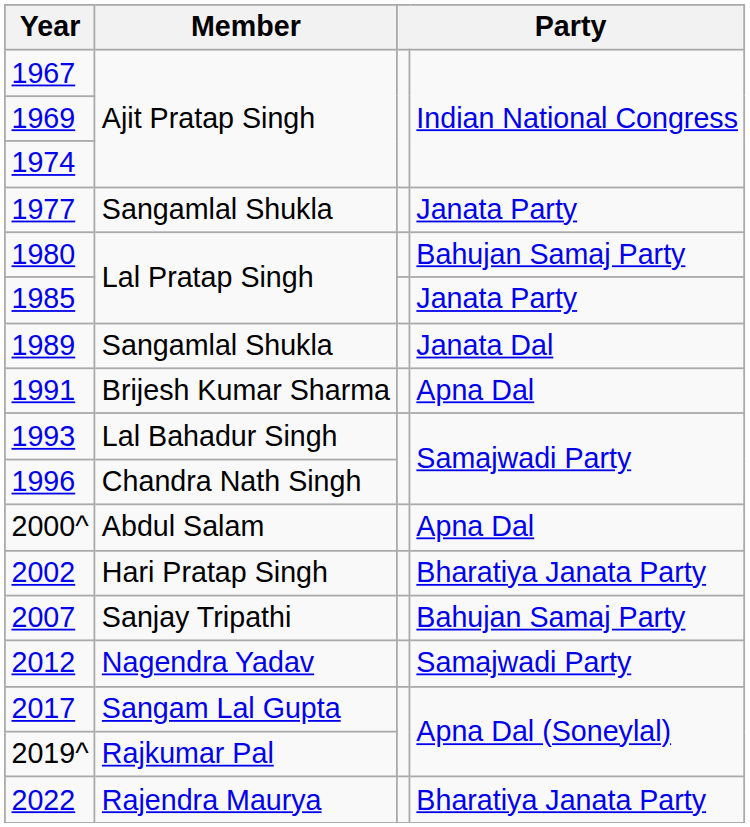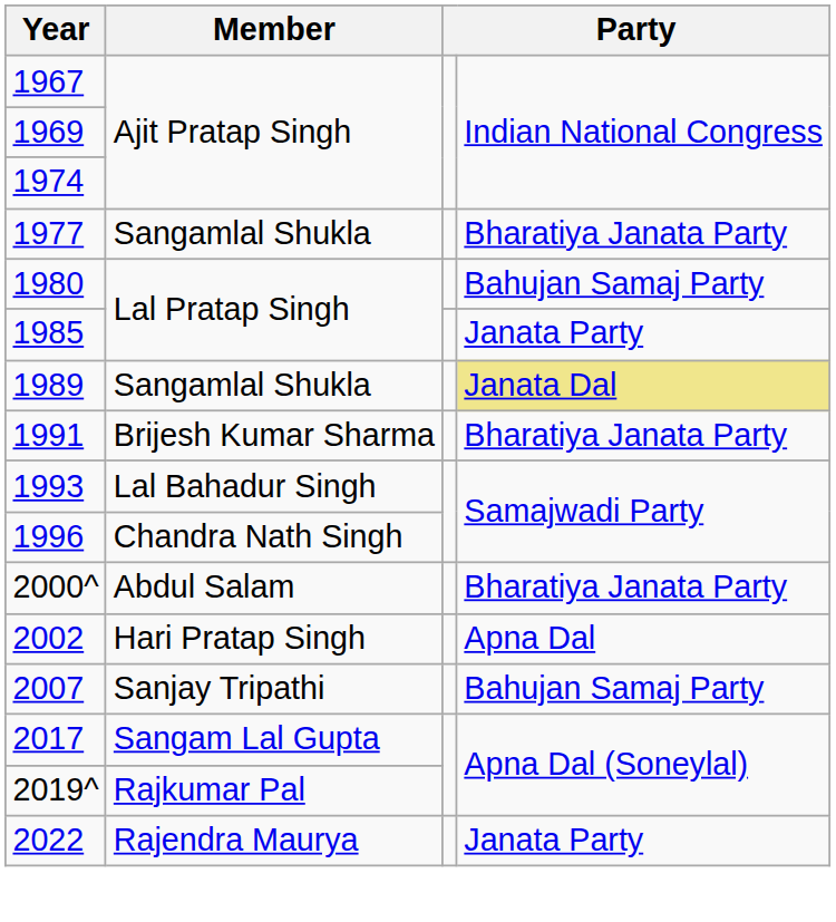 <table class="wikitable">
 <tr>
 <th>Year</th>
 <th>Member</th>
 <th colspan="2">Party</th>
 </tr>
 <tr>
 <td><a href='#'>1967</a></td>
 <td rowspan="3">Ajit Pratap Singh</td>
 <td rowspan="3" style="background-color: "></td>
 <td rowspan="3"><a href='#'>Indian National Congress</a></td>
 </tr>
 <tr>
 <td><a href='#'>1969</a></td>
 </tr>
 <tr>
 <td><a href='#'>1974</a></td>
 </tr>
 <tr>
 <td><a href='#'>1977</a></td>
 <td>Sangamlal Shukla</td>
 <td style="background-color: "></td>
-<td><a href='#'>Janata Party</a></td>
+<td><a href='#'>Bharatiya Janata Party</a></td>
 </tr>
 <tr>
 <td><a href='#'>1980</a></td>
 <td rowspan="2">Lal Pratap Singh</td>
 <td style="background-color: "></td>
 <td><a href='#'>Bahujan Samaj Party</a></td>
 </tr>
 <tr>
 <td><a href='#'>1985</a></td>
 <td style="background-color: "></td>
 <td><a href='#'>Janata Party</a></td>
 </tr>
 <tr>
 <td><a href='#'>1989</a></td>
 <td>Sangamlal Shukla</td>
 <td style="background-color: "></td>
-<td><a href='#'>Janata Dal</a></td>
+<td style="background: khaki;"><a href='#'>Janata Dal</a></td>
 </tr>
 <tr>
 <td><a href='#'>1991</a></td>
 <td>Brijesh Kumar Sharma</td>
 <td style="background-color: "></td>
-<td><a href='#'>Apna Dal</a></td>
+<td><a href='#'>Bharatiya Janata Party</a></td>
 </tr>
 <tr>
 <td><a href='#'>1993</a></td>
 <td>Lal Bahadur Singh</td>
 <td rowspan="2" style="background-color: "></td>
 <td rowspan="2"><a href='#'>Samajwadi Party</a></td>
 </tr>
 <tr>
 <td><a href='#'>1996</a></td>
 <td>Chandra Nath Singh</td>
 </tr>
 <tr>
 <td>2000^</td>
 <td>Abdul Salam</td>
 <td style="background-color: "></td>
-<td><a href='#'>Apna Dal</a></td>
+<td><a href='#'>Bharatiya Janata Party</a></td>
 </tr>
 <tr>
 <td><a href='#'>2002</a></td>
 <td>Hari Pratap Singh</td>
 <td style="background-color: "></td>
-<td><a href='#'>Bharatiya Janata Party</a></td>
+<td><a href='#'>Apna Dal</a></td>
 </tr>
 <tr>
 <td><a href='#'>2007</a></td>
 <td>Sanjay Tripathi</td>
 <td style="background-color: "></td>
 <td><a href='#'>Bahujan Samaj Party</a></td>
-</tr>
-<tr>
-<td><a href='#'>2012</a></td>
-<td><a href='#'>Nagendra Yadav</a></td>
-<td style="background-color: "></td>
-<td><a href='#'>Samajwadi Party</a></td>
 </tr>
 <tr>
 <td><a href='#'>2017</a></td>
 <td><a href='#'>Sangam Lal Gupta</a></td>
 <td rowspan="2" style="background-color: "></td>
 <td rowspan="2"><a href='#'>Apna Dal (Soneylal)</a></td>
 </tr>
 <tr>
 <td>2019^</td>
 <td><a href='#'>Rajkumar Pal</a></td>
 </tr>
 <tr>
 <td><a href='#'>2022</a></td>
 <td><a href='#'>Rajendra Maurya</a></td>
 <td style="background-color: "></td>
-<td><a href='#'>Bharatiya Janata Party</a></td>
+<td><a href='#'>Janata Party</a></td>
 </tr>
 </table>
